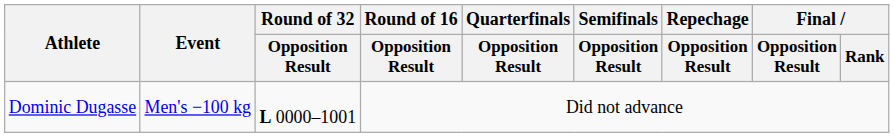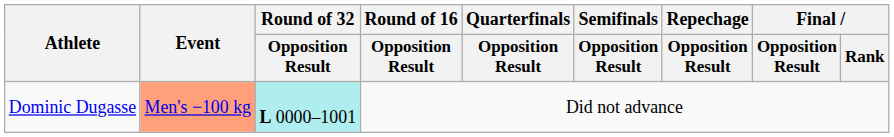 <table class="wikitable" style="font-size:90%">
 <tr>
 <th rowspan=2>Athlete</th>
 <th rowspan=2>Event</th>
 <th>Round of 32</th>
 <th>Round of 16</th>
 <th>Quarterfinals</th>
 <th>Semifinals</th>
 <th>Repechage</th>
 <th colspan=2>Final / </th>
 </tr>
 <tr style="font-size:95%">
 <th>Opposition<br>Result</th>
 <th>Opposition<br>Result</th>
 <th>Opposition<br>Result</th>
 <th>Opposition<br>Result</th>
 <th>Opposition<br>Result</th>
 <th>Opposition<br>Result</th>
 <th>Rank</th>
 </tr>
 <tr align=center>
 <td align=left><a href='#'>Dominic Dugasse</a></td>
-<td align=left><a href='#'>Men's −100 kg</a></td>
-<td><br><strong>L</strong> 0000–1001</td>
+<td align=left style="background: lightsalmon;"><a href='#'>Men's −100 kg</a></td>
+<td style="background: paleturquoise;"><br><strong>L</strong> 0000–1001</td>
 <td colspan=6>Did not advance</td>
 </tr>
 </table>
